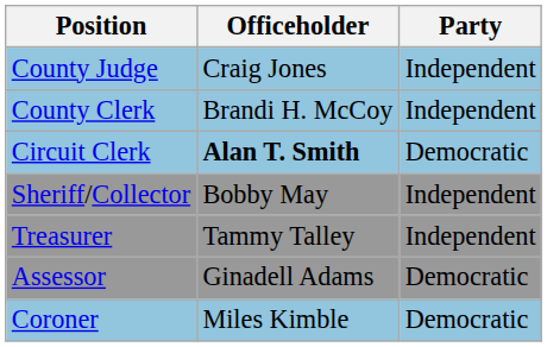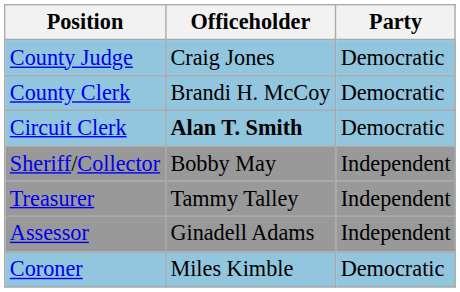 <table class="wikitable mw-collapsible">
 <tr>
 <th>Position</th>
 <th>Officeholder</th>
 <th>Party</th>
 </tr>
 <tr style="background-color:#92C5DE;">
 <td><a href='#'>County Judge</a></td>
 <td>Craig Jones</td>
-<td>Independent</td>
+<td>Democratic</td>
 </tr>
 <tr style="background-color:#92C5DE;">
 <td><a href='#'>County Clerk</a></td>
 <td>Brandi H. McCoy</td>
-<td>Independent</td>
+<td>Democratic</td>
 </tr>
 <tr style="background-color:#92C5DE;">
 <td><a href='#'>Circuit Clerk</a></td>
 <td><strong>Alan T. Smith</strong></td>
 <td>Democratic</td>
 </tr>
 <tr style="background-color:#999999;">
 <td><a href='#'>Sheriff</a>/<a href='#'>Collector</a></td>
 <td>Bobby May</td>
 <td>Independent</td>
 </tr>
 <tr style="background-color:#999999;">
 <td><a href='#'>Treasurer</a></td>
 <td>Tammy Talley</td>
 <td>Independent</td>
 </tr>
 <tr style="background-color:#999999;">
 <td><a href='#'>Assessor</a></td>
 <td>Ginadell Adams</td>
-<td>Democratic</td>
+<td>Independent</td>
 </tr>
 <tr style="background-color:#92C5DE;">
 <td><a href='#'>Coroner</a></td>
 <td>Miles Kimble</td>
 <td>Democratic</td>
 </tr>
 </table>
